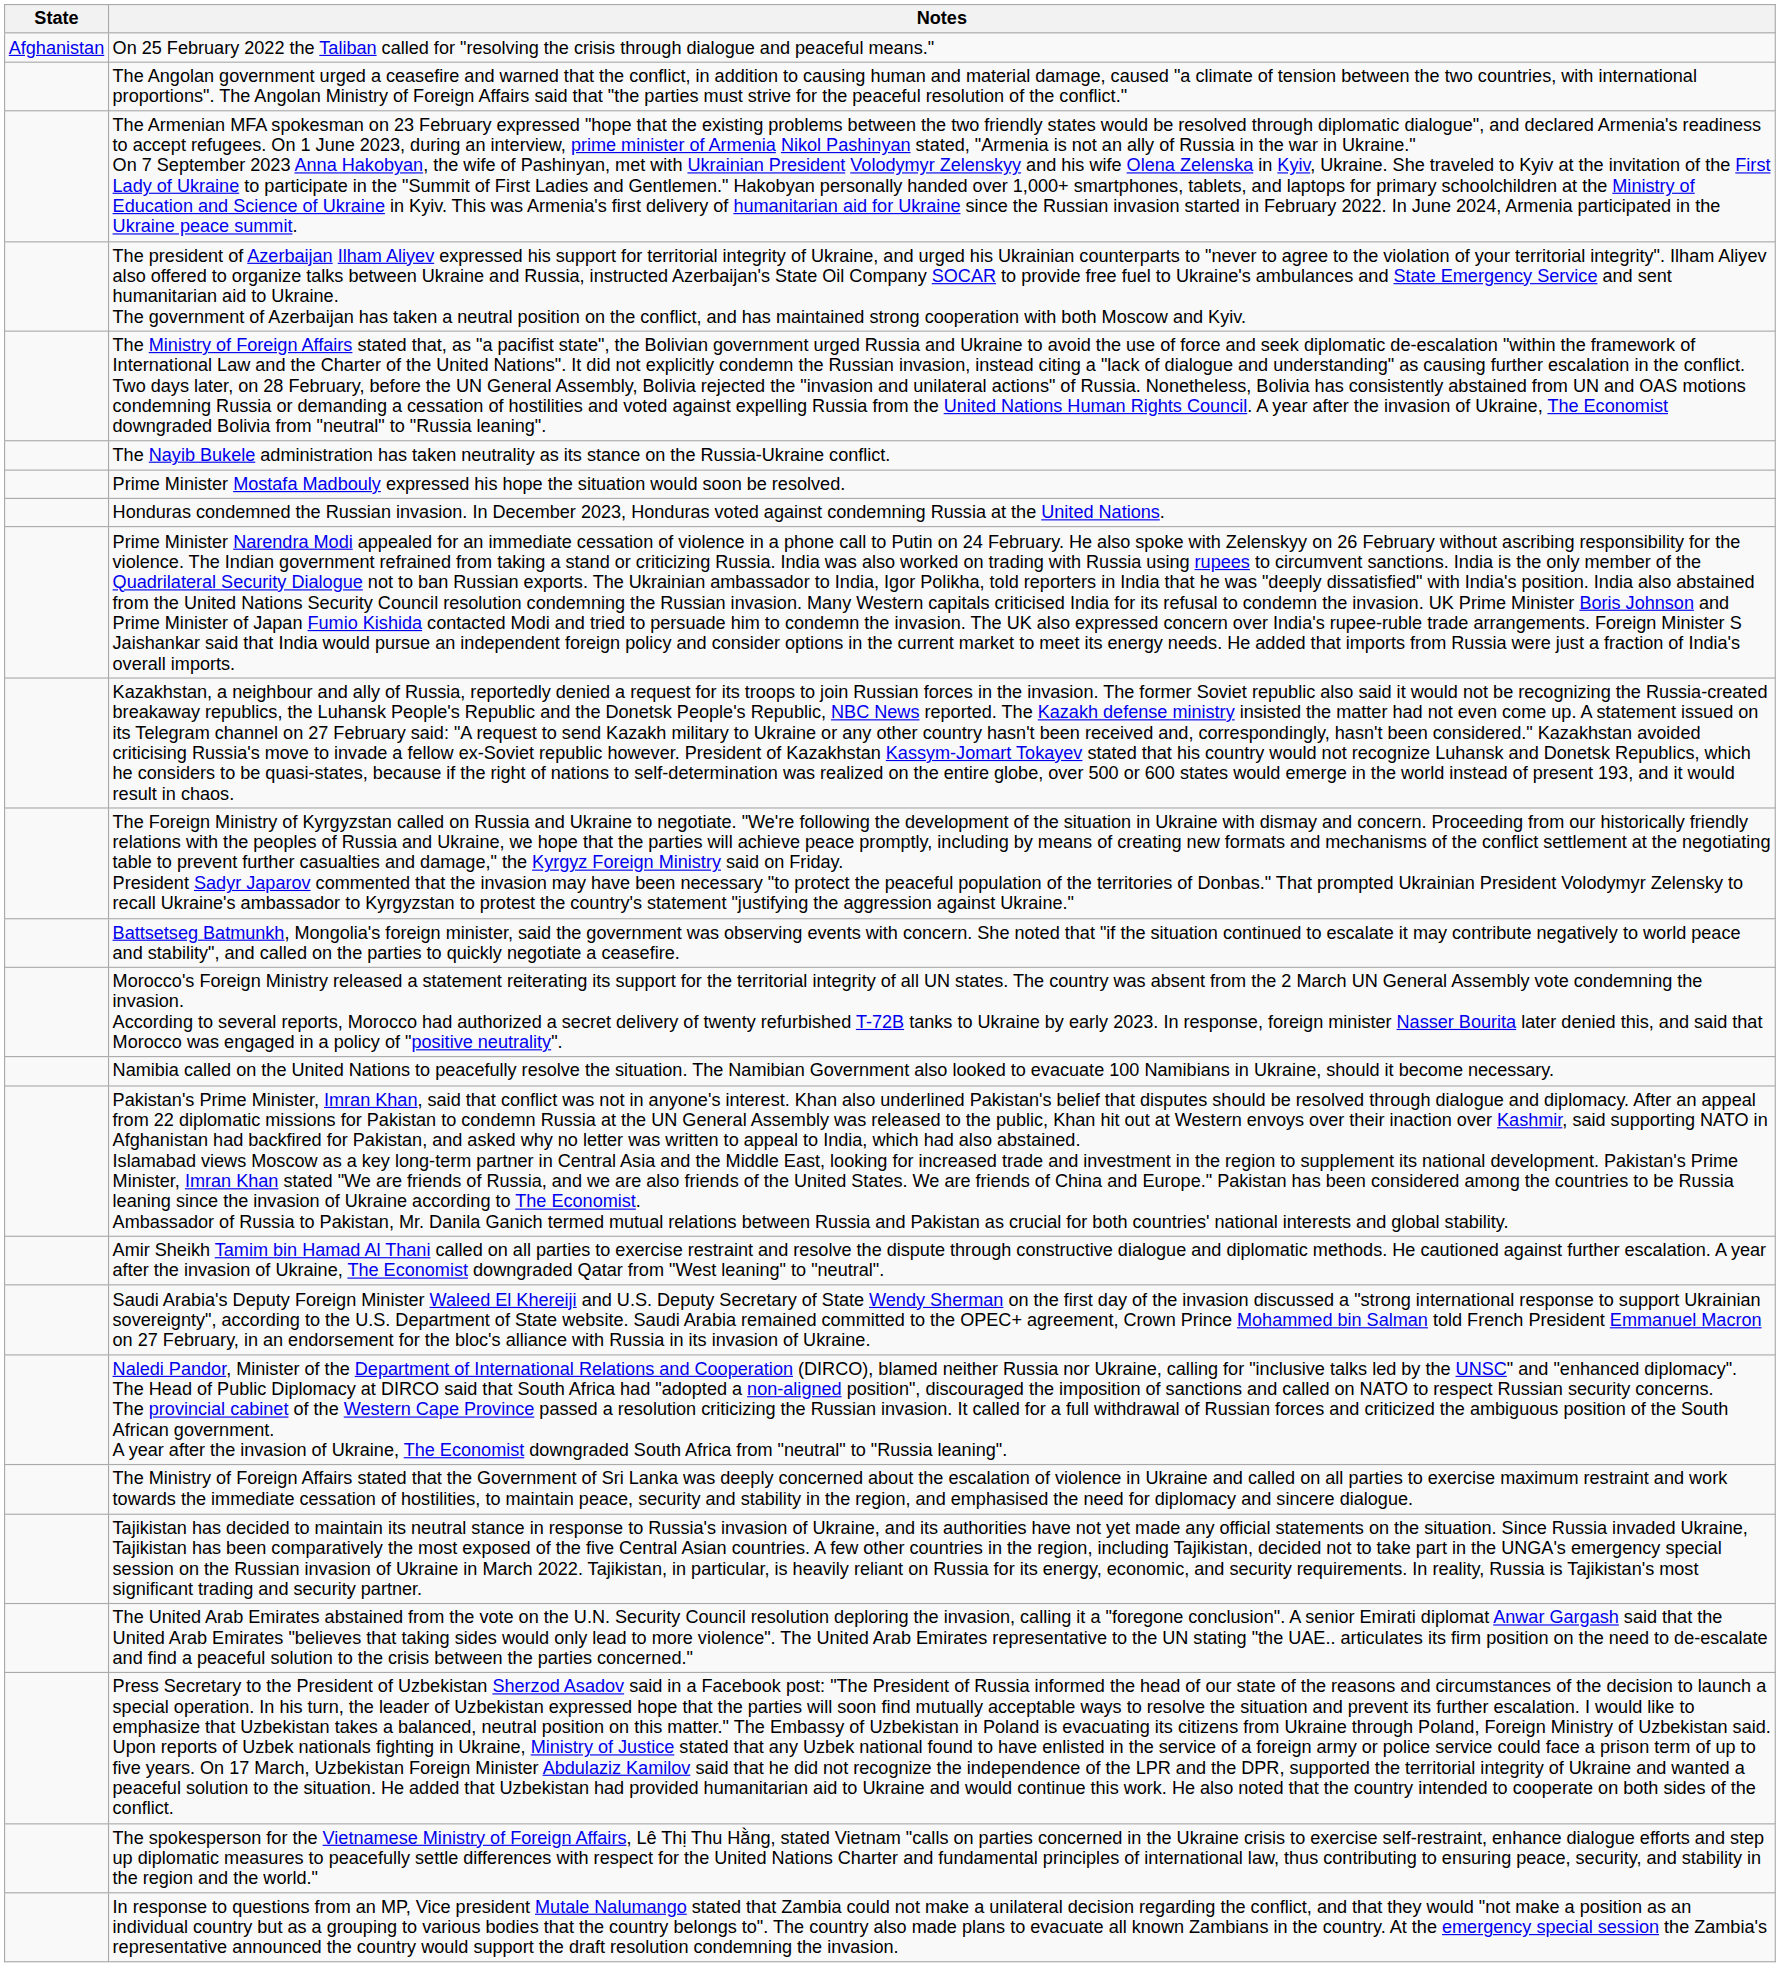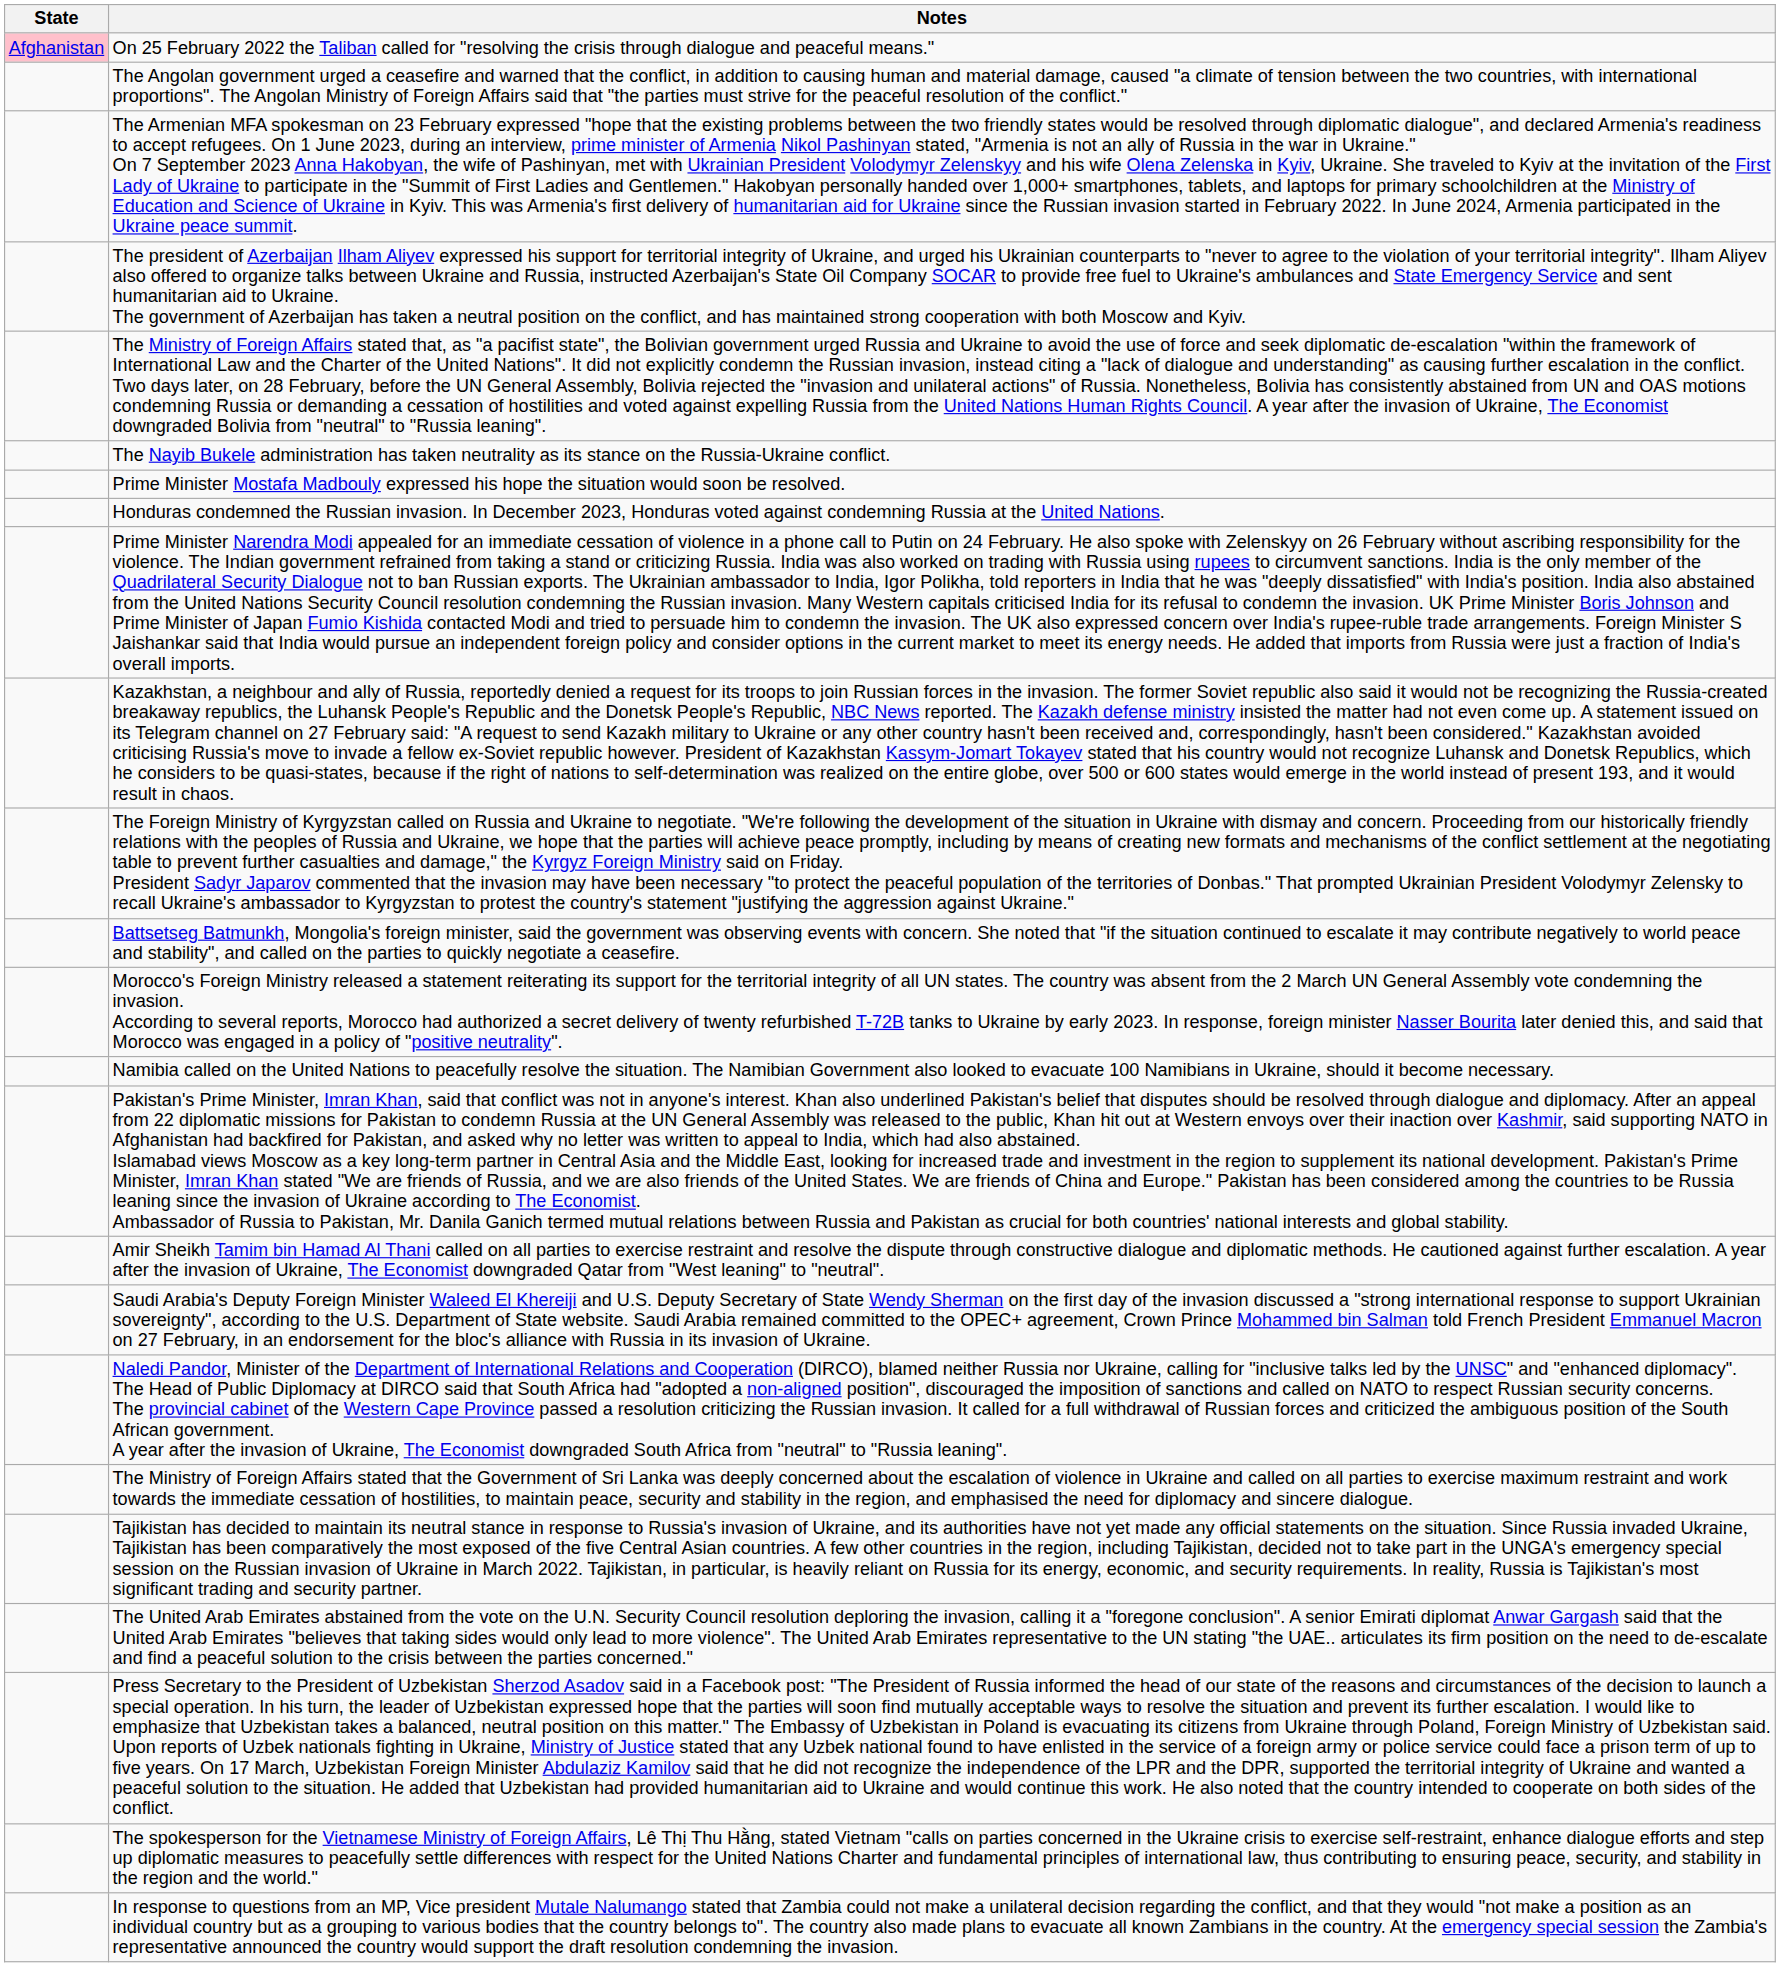 <table class="wikitable">
 <tr>
 <th>State</th>
 <th>Notes</th>
 </tr>
 <tr>
-<td> <a href='#'>Afghanistan</a></td>
+<td style="background: pink;"> <a href='#'>Afghanistan</a></td>
 <td>On 25 February 2022 the <a href='#'>Taliban</a> called for "resolving the crisis through dialogue and peaceful means."</td>
 </tr>
 <tr>
 <td></td>
 <td>The Angolan government urged a ceasefire and warned that the conflict, in addition to causing human and material damage, caused "a climate of tension between the two countries, with international proportions". The Angolan Ministry of Foreign Affairs said that "the parties must strive for the peaceful resolution of the conflict."</td>
 </tr>
 <tr>
 <td></td>
 <td>The Armenian MFA spokesman on 23 February expressed "hope that the existing problems between the two friendly states would be resolved through diplomatic dialogue", and declared Armenia's readiness to accept refugees. On 1 June 2023, during an interview, <a href='#'>prime minister of Armenia</a> <a href='#'>Nikol Pashinyan</a> stated, "Armenia is not an ally of Russia in the war in Ukraine."<br>On 7 September 2023 <a href='#'>Anna Hakobyan</a>, the wife of Pashinyan, met with <a href='#'>Ukrainian President</a> <a href='#'>Volodymyr Zelenskyy</a> and his wife <a href='#'>Olena Zelenska</a> in <a href='#'>Kyiv</a>, Ukraine. She traveled to Kyiv at the invitation of the <a href='#'>First Lady of Ukraine</a> to participate in the "Summit of First Ladies and Gentlemen." Hakobyan personally handed over 1,000+ smartphones, tablets, and laptops for primary schoolchildren at the <a href='#'>Ministry of Education and Science of Ukraine</a> in Kyiv. This was Armenia's first delivery of <a href='#'>humanitarian aid for Ukraine</a> since the Russian invasion started in February 2022. In June 2024, Armenia participated in the <a href='#'>Ukraine peace summit</a>.</td>
 </tr>
 <tr>
 <td></td>
 <td>The president of <a href='#'>Azerbaijan</a> <a href='#'>Ilham Aliyev</a> expressed his support for territorial integrity of Ukraine, and urged his Ukrainian counterparts to "never to agree to the violation of your territorial integrity". Ilham Aliyev also offered to organize talks between Ukraine and Russia, instructed Azerbaijan's State Oil Company <a href='#'>SOCAR</a> to provide free fuel to Ukraine's ambulances and <a href='#'>State Emergency Service</a> and sent humanitarian aid to Ukraine.<br>The government of Azerbaijan has taken a neutral position on the conflict, and has maintained strong cooperation with both Moscow and Kyiv.</td>
 </tr>
 <tr>
 <td></td>
 <td>The <a href='#'>Ministry of Foreign Affairs</a> stated that, as "a pacifist state", the Bolivian government urged Russia and Ukraine to avoid the use of force and seek diplomatic de-escalation "within the framework of International Law and the Charter of the United Nations". It did not explicitly condemn the Russian invasion, instead citing a "lack of dialogue and understanding" as causing further escalation in the conflict. Two days later, on 28 February, before the UN General Assembly, Bolivia rejected the "invasion and unilateral actions" of Russia. Nonetheless, Bolivia has consistently abstained from UN and OAS motions condemning Russia or demanding a cessation of hostilities and voted against expelling Russia from the <a href='#'>United Nations Human Rights Council</a>. A year after the invasion of Ukraine, <a href='#'>The Economist</a> downgraded Bolivia from "neutral" to "Russia leaning".</td>
 </tr>
 <tr>
 <td></td>
 <td>The <a href='#'>Nayib Bukele</a> administration has taken neutrality as its stance on the Russia-Ukraine conflict.</td>
 </tr>
 <tr>
 <td></td>
 <td>Prime Minister <a href='#'>Mostafa Madbouly</a> expressed his hope the situation would soon be resolved.</td>
 </tr>
 <tr>
 <td></td>
 <td>Honduras condemned the Russian invasion. In December 2023, Honduras voted against condemning Russia at the <a href='#'>United Nations</a>.</td>
 </tr>
 <tr>
 <td></td>
 <td>Prime Minister <a href='#'>Narendra Modi</a> appealed for an immediate cessation of violence in a phone call to Putin on 24 February. He also spoke with Zelenskyy on 26 February without ascribing responsibility for the violence. The Indian government refrained from taking a stand or criticizing Russia. India was also worked on trading with Russia using <a href='#'>rupees</a> to circumvent sanctions. India is the only member of the <a href='#'>Quadrilateral Security Dialogue</a> not to ban Russian exports. The Ukrainian ambassador to India, Igor Polikha, told reporters in India that he was "deeply dissatisfied" with India's position. India also abstained from the United Nations Security Council resolution condemning the Russian invasion. Many Western capitals criticised India for its refusal to condemn the invasion. UK Prime Minister <a href='#'>Boris Johnson</a> and Prime Minister of Japan <a href='#'>Fumio Kishida</a> contacted Modi and tried to persuade him to condemn the invasion. The UK also expressed concern over India's rupee-ruble trade arrangements. Foreign Minister S Jaishankar said that India would pursue an independent foreign policy and consider options in the current market to meet its energy needs. He added that imports from Russia were just a fraction of India's overall imports.</td>
 </tr>
 <tr>
 <td></td>
 <td>Kazakhstan, a neighbour and ally of Russia, reportedly denied a request for its troops to join Russian forces in the invasion. The former Soviet republic also said it would not be recognizing the Russia-created breakaway republics, the Luhansk People's Republic and the Donetsk People's Republic, <a href='#'>NBC News</a> reported. The <a href='#'>Kazakh defense ministry</a> insisted the matter had not even come up. A statement issued on its Telegram channel on 27 February said: "A request to send Kazakh military to Ukraine or any other country hasn't been received and, correspondingly, hasn't been considered." Kazakhstan avoided criticising Russia's move to invade a fellow ex-Soviet republic however. President of Kazakhstan <a href='#'>Kassym-Jomart Tokayev</a> stated that his country would not recognize Luhansk and Donetsk Republics, which he considers to be quasi-states, because if the right of nations to self-determination was realized on the entire globe, over 500 or 600 states would emerge in the world instead of present 193, and it would result in chaos.</td>
 </tr>
 <tr>
 <td></td>
 <td>The Foreign Ministry of Kyrgyzstan called on Russia and Ukraine to negotiate. "We're following the development of the situation in Ukraine with dismay and concern. Proceeding from our historically friendly relations with the peoples of Russia and Ukraine, we hope that the parties will achieve peace promptly, including by means of creating new formats and mechanisms of the conflict settlement at the negotiating table to prevent further casualties and damage," the <a href='#'>Kyrgyz Foreign Ministry</a> said on Friday.<br>President <a href='#'>Sadyr Japarov</a> commented that the invasion may have been necessary "to protect the peaceful population of the territories of Donbas." That prompted Ukrainian President Volodymyr Zelensky to recall Ukraine's ambassador to Kyrgyzstan to protest the country's statement "justifying the aggression against Ukraine."</td>
 </tr>
 <tr>
 <td></td>
 <td><a href='#'>Battsetseg Batmunkh</a>, Mongolia's foreign minister, said the government was observing events with concern. She noted that "if the situation continued to escalate it may contribute negatively to world peace and stability", and called on the parties to quickly negotiate a ceasefire.</td>
 </tr>
 <tr>
 <td></td>
 <td>Morocco's Foreign Ministry released a statement reiterating its support for the territorial integrity of all UN states. The country was absent from the 2 March UN General Assembly vote condemning the invasion.<br>According to several reports, Morocco had authorized a secret delivery of twenty refurbished <a href='#'>T-72B</a> tanks to Ukraine by early 2023. In response, foreign minister <a href='#'>Nasser Bourita</a> later denied this, and said that Morocco was engaged in a policy of "<a href='#'>positive neutrality</a>".</td>
 </tr>
 <tr>
 <td></td>
 <td>Namibia called on the United Nations to peacefully resolve the situation. The Namibian Government also looked to evacuate 100 Namibians in Ukraine, should it become necessary.</td>
 </tr>
 <tr>
 <td></td>
 <td>Pakistan's Prime Minister, <a href='#'>Imran Khan</a>, said that conflict was not in anyone's interest. Khan also underlined Pakistan's belief that disputes should be resolved through dialogue and diplomacy. After an appeal from 22 diplomatic missions for Pakistan to condemn Russia at the UN General Assembly was released to the public, Khan hit out at Western envoys over their inaction over <a href='#'>Kashmir</a>, said supporting NATO in Afghanistan had backfired for Pakistan, and asked why no letter was written to appeal to India, which had also abstained.<br>Islamabad views Moscow as a key long-term partner in Central Asia and the Middle East, looking for increased trade and investment in the region to supplement its national development. Pakistan's Prime Minister, <a href='#'>Imran Khan</a> stated "We are friends of Russia, and we are also friends of the United States. We are friends of China and Europe." Pakistan has been considered among the countries to be Russia leaning since the invasion of Ukraine according to <a href='#'>The Economist</a>.<br>Ambassador of Russia to Pakistan, Mr. Danila Ganich termed mutual relations between Russia and Pakistan as crucial for both countries' national interests and global stability.</td>
 </tr>
 <tr>
 <td></td>
 <td>Amir Sheikh <a href='#'>Tamim bin Hamad Al Thani</a> called on all parties to exercise restraint and resolve the dispute through constructive dialogue and diplomatic methods. He cautioned against further escalation. A year after the invasion of Ukraine, <a href='#'>The Economist</a> downgraded Qatar from "West leaning" to "neutral".</td>
 </tr>
 <tr>
 <td></td>
 <td>Saudi Arabia's Deputy Foreign Minister <a href='#'>Waleed El Khereiji</a> and U.S. Deputy Secretary of State <a href='#'>Wendy Sherman</a> on the first day of the invasion discussed a "strong international response to support Ukrainian sovereignty", according to the U.S. Department of State website. Saudi Arabia remained committed to the OPEC+ agreement, Crown Prince <a href='#'>Mohammed bin Salman</a> told French President <a href='#'>Emmanuel Macron</a> on 27 February, in an endorsement for the bloc's alliance with Russia in its invasion of Ukraine.</td>
 </tr>
 <tr>
 <td></td>
 <td><a href='#'>Naledi Pandor</a>, Minister of the <a href='#'>Department of International Relations and Cooperation</a> (DIRCO), blamed neither Russia nor Ukraine, calling for "inclusive talks led by the <a href='#'>UNSC</a>" and "enhanced diplomacy". The Head of Public Diplomacy at DIRCO said that South Africa had "adopted a <a href='#'>non-aligned</a> position", discouraged the imposition of sanctions and called on NATO to respect Russian security concerns.<br>The <a href='#'>provincial cabinet</a> of the <a href='#'>Western Cape Province</a> passed a resolution criticizing the Russian invasion. It called for a full withdrawal of Russian forces and criticized the ambiguous position of the South African government.<br>A year after the invasion of Ukraine, <a href='#'>The Economist</a> downgraded South Africa from "neutral" to "Russia leaning".</td>
 </tr>
 <tr>
 <td></td>
 <td>The Ministry of Foreign Affairs stated that the Government of Sri Lanka was deeply concerned about the escalation of violence in Ukraine and called on all parties to exercise maximum restraint and work towards the immediate cessation of hostilities, to maintain peace, security and stability in the region, and emphasised the need for diplomacy and sincere dialogue.</td>
 </tr>
 <tr>
 <td></td>
 <td>Tajikistan has decided to maintain its neutral stance in response to Russia's invasion of Ukraine, and its authorities have not yet made any official statements on the situation. Since Russia invaded Ukraine, Tajikistan has been comparatively the most exposed of the five Central Asian countries. A few other countries in the region, including Tajikistan, decided not to take part in the UNGA's emergency special session on the Russian invasion of Ukraine in March 2022. Tajikistan, in particular, is heavily reliant on Russia for its energy, economic, and security requirements. In reality, Russia is Tajikistan's most significant trading and security partner.</td>
 </tr>
 <tr>
 <td></td>
 <td>The United Arab Emirates abstained from the vote on the U.N. Security Council resolution deploring the invasion, calling it a "foregone conclusion". A senior Emirati diplomat <a href='#'>Anwar Gargash</a> said that the United Arab Emirates "believes that taking sides would only lead to more violence". The United Arab Emirates representative to the UN stating "the UAE.. articulates its firm position on the need to de-escalate and find a peaceful solution to the crisis between the parties concerned."</td>
 </tr>
 <tr>
 <td></td>
 <td>Press Secretary to the President of Uzbekistan <a href='#'>Sherzod Asadov</a> said in a Facebook post: "The President of Russia informed the head of our state of the reasons and circumstances of the decision to launch a special operation. In his turn, the leader of Uzbekistan expressed hope that the parties will soon find mutually acceptable ways to resolve the situation and prevent its further escalation. I would like to emphasize that Uzbekistan takes a balanced, neutral position on this matter." The Embassy of Uzbekistan in Poland is evacuating its citizens from Ukraine through Poland, Foreign Ministry of Uzbekistan said. Upon reports of Uzbek nationals fighting in Ukraine, <a href='#'>Ministry of Justice</a> stated that any Uzbek national found to have enlisted in the service of a foreign army or police service could face a prison term of up to five years. On 17 March, Uzbekistan Foreign Minister <a href='#'>Abdulaziz Kamilov</a> said that he did not recognize the independence of the LPR and the DPR, supported the territorial integrity of Ukraine and wanted a peaceful solution to the situation. He added that Uzbekistan had provided humanitarian aid to Ukraine and would continue this work. He also noted that the country intended to cooperate on both sides of the conflict.</td>
 </tr>
 <tr>
 <td></td>
 <td>The spokesperson for the <a href='#'>Vietnamese Ministry of Foreign Affairs</a>, Lê Thị Thu Hằng, stated Vietnam "calls on parties concerned in the Ukraine crisis to exercise self-restraint, enhance dialogue efforts and step up diplomatic measures to peacefully settle differences with respect for the United Nations Charter and fundamental principles of international law, thus contributing to ensuring peace, security, and stability in the region and the world."</td>
 </tr>
 <tr>
 <td></td>
 <td>In response to questions from an MP, Vice president <a href='#'>Mutale Nalumango</a> stated that Zambia could not make a unilateral decision regarding the conflict, and that they would "not make a position as an individual country but as a grouping to various bodies that the country belongs to". The country also made plans to evacuate all known Zambians in the country. At the <a href='#'>emergency special session</a> the Zambia's representative announced the country would support the draft resolution condemning the invasion.</td>
 </tr>
 </table>
